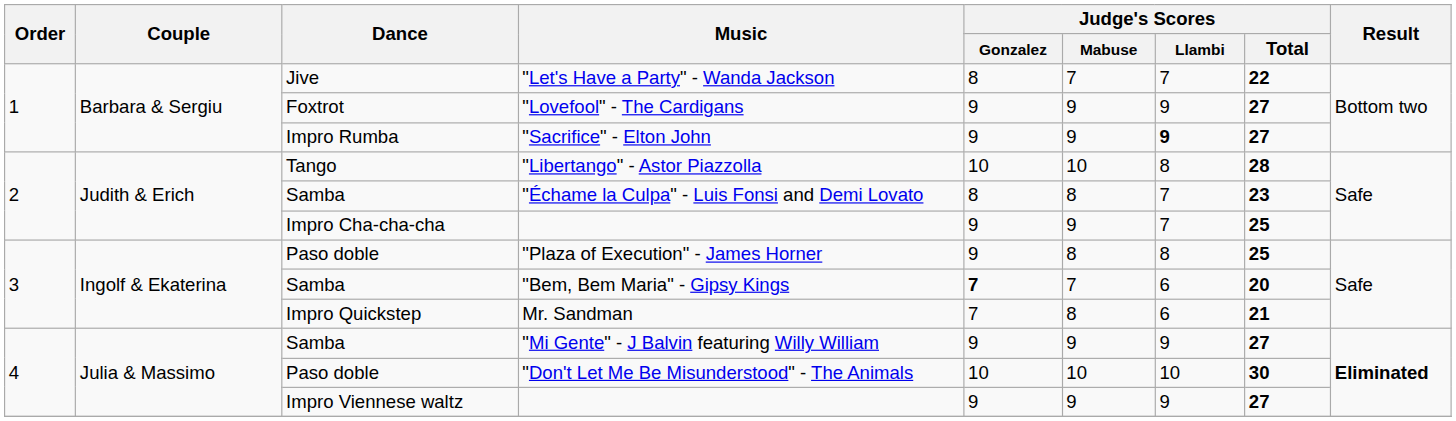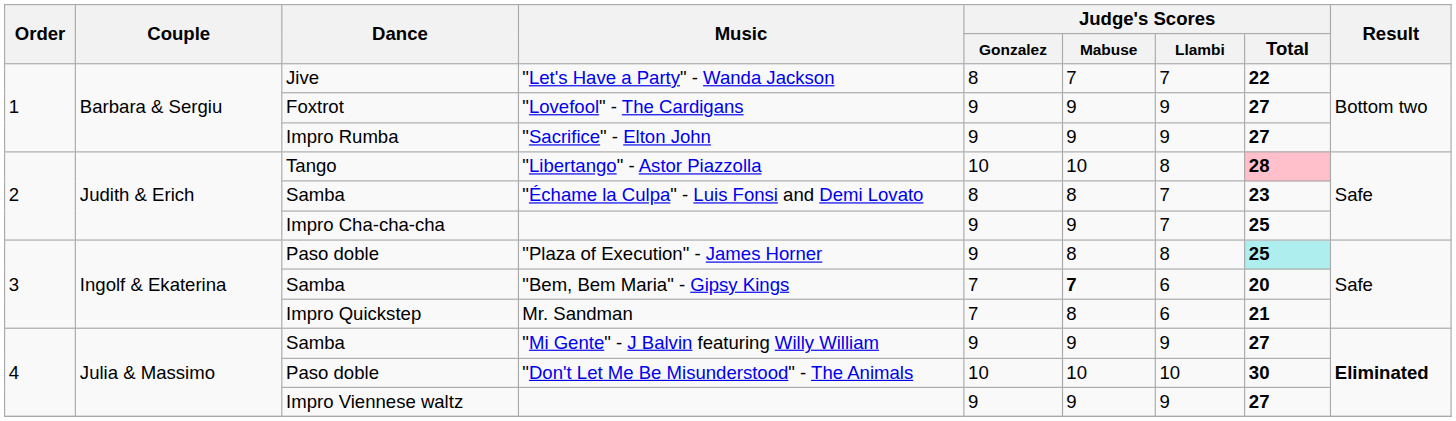 <table class="wikitable sortable center">
 <tr>
 <th rowspan="2" style="width: 4em">Order</th>
 <th rowspan="2" style="width: 17em">Couple</th>
 <th rowspan="2" style="width: 20em">Dance</th>
 <th rowspan="2" style="width: 40em">Music</th>
 <th colspan="4">Judge's Scores</th>
 <th rowspan="2" style="width: 7em">Result</th>
 </tr>
 <tr>
 <th style="width: 6em"><small> Gonzalez</small></th>
 <th style="width: 6em"><small> Mabuse</small></th>
 <th style="width: 6em"><small> Llambi</small></th>
 <th style="width: 6em">Total</th>
 </tr>
 <tr>
 <td rowspan=3>1</td>
 <td rowspan=3>Barbara & Sergiu</td>
 <td>Jive</td>
 <td>"<a href='#'>Let's Have a Party</a>" - <a href='#'>Wanda Jackson</a></td>
 <td>8</td>
 <td>7</td>
 <td>7</td>
 <td><strong>22</strong></td>
 <td rowspan=3>Bottom two</td>
 </tr>
 <tr>
 <td>Foxtrot</td>
 <td>"<a href='#'>Lovefool</a>" - <a href='#'>The Cardigans</a></td>
 <td>9</td>
 <td>9</td>
 <td>9</td>
 <td><strong>27</strong></td>
 </tr>
 <tr>
 <td>Impro Rumba</td>
 <td>"<a href='#'>Sacrifice</a>" - <a href='#'>Elton John</a></td>
 <td>9</td>
 <td>9</td>
-<td><strong>9</strong></td>
+<td>9</td>
 <td><strong>27</strong></td>
 </tr>
 <tr>
 <td rowspan=3>2</td>
 <td rowspan=3>Judith & Erich</td>
 <td>Tango</td>
 <td>"<a href='#'>Libertango</a>" - <a href='#'>Astor Piazzolla</a></td>
 <td>10</td>
 <td>10</td>
 <td>8</td>
-<td><strong>28</strong></td>
+<td style="background: pink;"><strong>28</strong></td>
 <td rowspan=3>Safe</td>
 </tr>
 <tr>
 <td>Samba</td>
 <td>"<a href='#'>Échame la Culpa</a>" - <a href='#'>Luis Fonsi</a> and <a href='#'>Demi Lovato</a></td>
 <td>8</td>
 <td>8</td>
 <td>7</td>
 <td><strong>23</strong></td>
 </tr>
 <tr>
 <td>Impro Cha-cha-cha</td>
 <td></td>
 <td>9</td>
 <td>9</td>
 <td>7</td>
 <td><strong>25</strong></td>
 </tr>
 <tr>
 <td rowspan=3>3</td>
 <td rowspan=3>Ingolf & Ekaterina</td>
 <td>Paso doble</td>
 <td>"Plaza of Execution" - <a href='#'>James Horner</a></td>
 <td>9</td>
 <td>8</td>
 <td>8</td>
-<td><strong>25</strong></td>
+<td style="background: paleturquoise;"><strong>25</strong></td>
 <td rowspan=3>Safe</td>
 </tr>
 <tr>
 <td>Samba</td>
 <td>"Bem, Bem Maria" - <a href='#'>Gipsy Kings</a></td>
+<td>7</td>
 <td><strong>7</strong></td>
-<td>7</td>
 <td>6</td>
 <td><strong>20</strong></td>
 </tr>
 <tr>
 <td>Impro Quickstep</td>
 <td>Mr. Sandman</td>
 <td>7</td>
 <td>8</td>
 <td>6</td>
 <td><strong>21</strong></td>
 </tr>
 <tr>
 <td rowspan=3>4</td>
 <td rowspan=3>Julia & Massimo</td>
 <td>Samba</td>
 <td>"<a href='#'>Mi Gente</a>" - <a href='#'>J Balvin</a> featuring <a href='#'>Willy William</a></td>
 <td>9</td>
 <td>9</td>
 <td>9</td>
 <td><strong>27</strong></td>
 <td rowspan=3><strong>Eliminated</strong></td>
 </tr>
 <tr>
 <td>Paso doble</td>
 <td>"<a href='#'>Don't Let Me Be Misunderstood</a>" - <a href='#'>The Animals</a></td>
 <td>10</td>
 <td>10</td>
 <td>10</td>
 <td><strong>30</strong></td>
 </tr>
 <tr>
 <td>Impro Viennese waltz</td>
 <td></td>
 <td>9</td>
 <td>9</td>
 <td>9</td>
 <td><strong>27</strong></td>
 </tr>
 <tr>
 </tr>
 </table>
